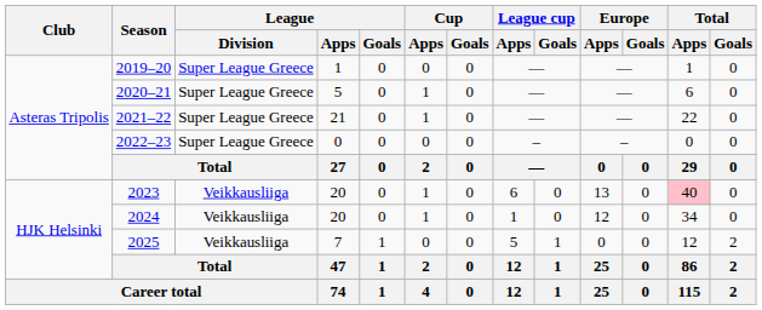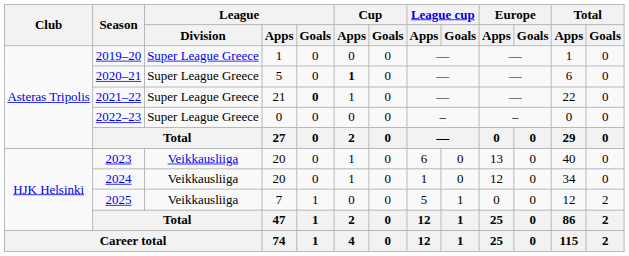 <table class="wikitable" style="text-align:center">
 <tr>
 <th rowspan="2">Club</th>
 <th rowspan="2">Season</th>
 <th colspan="3">League</th>
 <th colspan="2">Cup</th>
 <th colspan="2"><a href='#'>League cup</a></th>
 <th colspan="2">Europe</th>
 <th colspan="2">Total</th>
 </tr>
 <tr>
 <th>Division</th>
 <th>Apps</th>
 <th>Goals</th>
 <th>Apps</th>
 <th>Goals</th>
 <th>Apps</th>
 <th>Goals</th>
 <th>Apps</th>
 <th>Goals</th>
 <th>Apps</th>
 <th>Goals</th>
 </tr>
 <tr>
 <td rowspan="5"><a href='#'>Asteras Tripolis</a></td>
 <td><a href='#'>2019–20</a></td>
 <td><a href='#'>Super League Greece</a></td>
 <td>1</td>
 <td>0</td>
 <td>0</td>
 <td>0</td>
 <td colspan="2">—</td>
 <td colspan="2">—</td>
 <td>1</td>
 <td>0</td>
 </tr>
 <tr>
 <td><a href='#'>2020–21</a></td>
 <td>Super League Greece</td>
 <td>5</td>
 <td>0</td>
-<td>1</td>
+<td><strong>1</strong></td>
 <td>0</td>
 <td colspan="2">—</td>
 <td colspan="2">—</td>
 <td>6</td>
 <td>0</td>
 </tr>
 <tr>
 <td><a href='#'>2021–22</a></td>
 <td>Super League Greece</td>
 <td>21</td>
-<td>0</td>
+<td><strong>0</strong></td>
 <td>1</td>
 <td>0</td>
 <td colspan="2">—</td>
 <td colspan="2">—</td>
 <td>22</td>
 <td>0</td>
 </tr>
 <tr>
 <td><a href='#'>2022–23</a></td>
 <td>Super League Greece</td>
 <td>0</td>
 <td>0</td>
 <td>0</td>
 <td>0</td>
 <td colspan=2>–</td>
 <td colspan=2>–</td>
 <td>0</td>
 <td>0</td>
 </tr>
 <tr>
 <th colspan="2">Total</th>
 <th>27</th>
 <th>0</th>
 <th>2</th>
 <th>0</th>
 <th colspan="2">—</th>
 <th>0</th>
 <th>0</th>
 <th>29</th>
 <th>0</th>
 </tr>
 <tr>
 <td rowspan="4"><a href='#'>HJK Helsinki</a></td>
 <td><a href='#'>2023</a></td>
 <td><a href='#'>Veikkausliiga</a></td>
 <td>20</td>
 <td>0</td>
 <td>1</td>
 <td>0</td>
 <td>6</td>
 <td>0</td>
 <td>13</td>
 <td>0</td>
-<td style="background: pink;">40</td>
+<td>40</td>
 <td>0</td>
 </tr>
 <tr>
 <td><a href='#'>2024</a></td>
 <td>Veikkausliiga</td>
 <td>20</td>
 <td>0</td>
 <td>1</td>
 <td>0</td>
 <td>1</td>
 <td>0</td>
 <td>12</td>
 <td>0</td>
 <td>34</td>
 <td>0</td>
 </tr>
 <tr>
 <td><a href='#'>2025</a></td>
 <td>Veikkausliiga</td>
 <td>7</td>
 <td>1</td>
 <td>0</td>
 <td>0</td>
 <td>5</td>
 <td>1</td>
 <td>0</td>
 <td>0</td>
 <td>12</td>
 <td>2</td>
 </tr>
 <tr>
 <th colspan="2">Total</th>
 <th>47</th>
 <th>1</th>
 <th>2</th>
 <th>0</th>
 <th>12</th>
 <th>1</th>
 <th>25</th>
 <th>0</th>
 <th>86</th>
 <th>2</th>
 </tr>
 <tr>
 <th colspan="3">Career total</th>
 <th>74</th>
 <th>1</th>
 <th>4</th>
 <th>0</th>
 <th>12</th>
 <th>1</th>
 <th>25</th>
 <th>0</th>
 <th>115</th>
 <th>2</th>
 </tr>
 </table>
